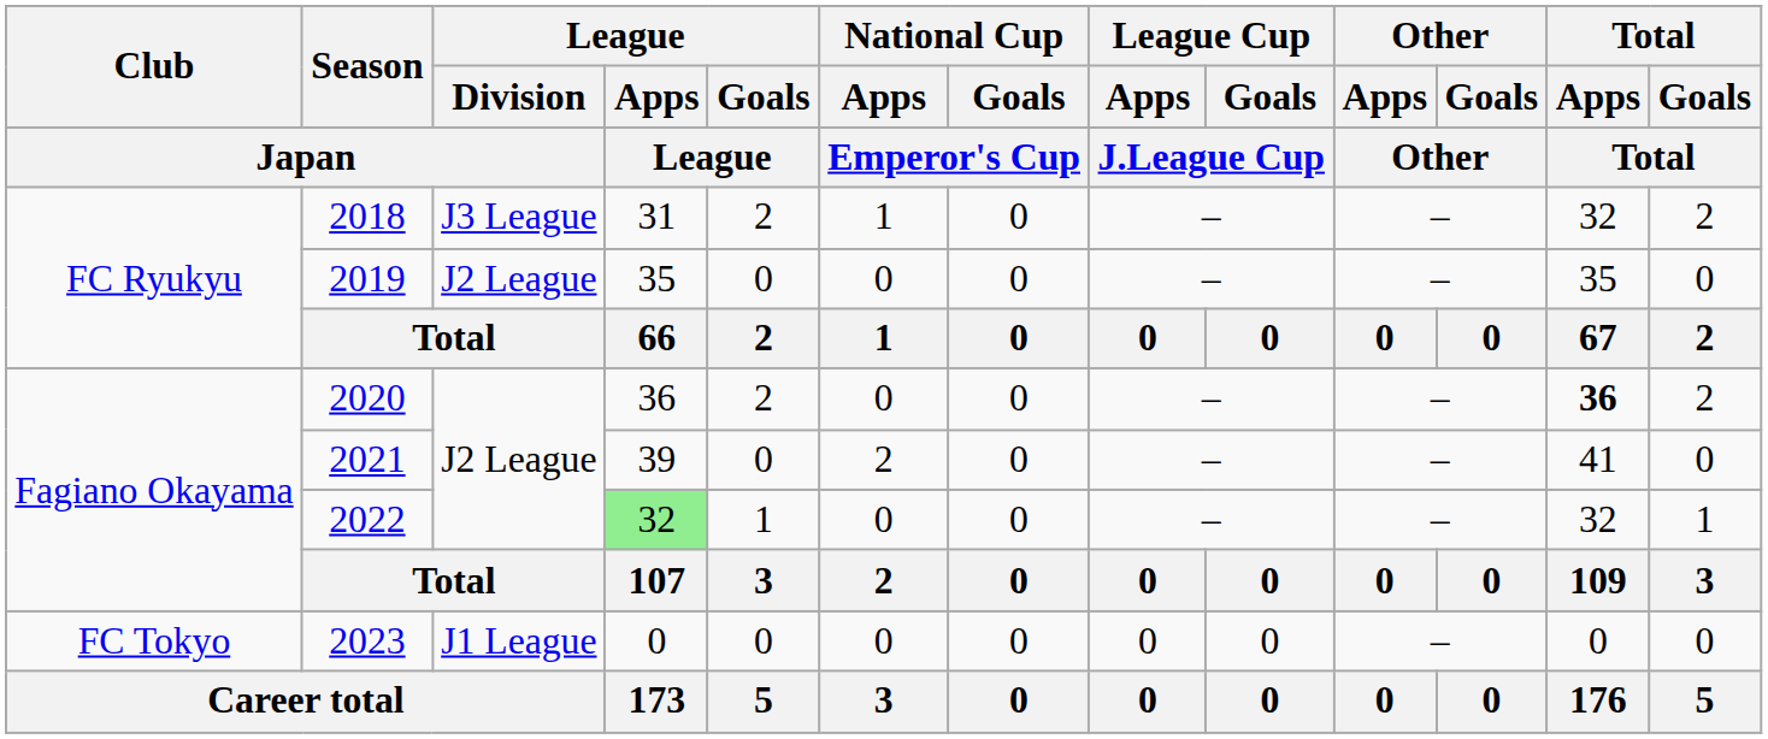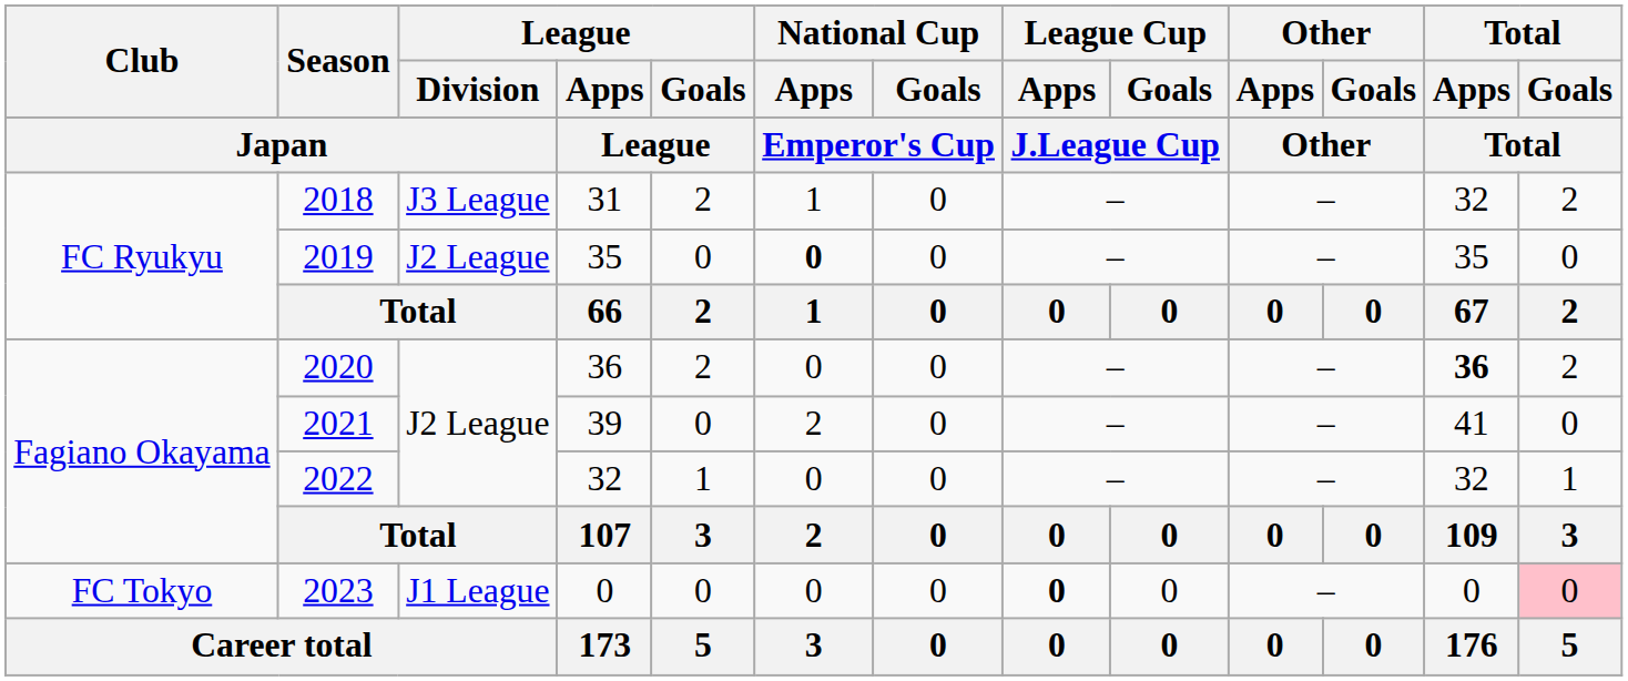 <table class="wikitable" style="text-align: center">
 <tr>
 <th rowspan="2">Club</th>
 <th rowspan="2">Season</th>
 <th colspan="3">League</th>
 <th colspan="2">National Cup</th>
 <th colspan="2">League Cup</th>
 <th colspan="2">Other</th>
 <th colspan="2">Total</th>
 </tr>
 <tr>
 <th>Division</th>
 <th>Apps</th>
 <th>Goals</th>
 <th>Apps</th>
 <th>Goals</th>
 <th>Apps</th>
 <th>Goals</th>
 <th>Apps</th>
 <th>Goals</th>
 <th>Apps</th>
 <th>Goals</th>
 </tr>
 <tr>
 <th colspan=3>Japan</th>
 <th colspan=2>League</th>
 <th colspan=2><a href='#'>Emperor's Cup</a></th>
 <th colspan=2><a href='#'>J.League Cup</a></th>
 <th colspan=2>Other</th>
 <th colspan=2>Total</th>
 </tr>
 <tr>
 <td rowspan="3"><a href='#'>FC Ryukyu</a></td>
 <td><a href='#'>2018</a></td>
 <td><a href='#'>J3 League</a></td>
 <td>31</td>
 <td>2</td>
 <td>1</td>
 <td>0</td>
 <td colspan="2">–</td>
 <td colspan="2">–</td>
 <td>32</td>
 <td>2</td>
 </tr>
 <tr>
 <td><a href='#'>2019</a></td>
 <td><a href='#'>J2 League</a></td>
 <td>35</td>
 <td>0</td>
-<td>0</td>
+<td><strong>0</strong></td>
 <td>0</td>
 <td colspan="2">–</td>
 <td colspan="2">–</td>
 <td>35</td>
 <td>0</td>
 </tr>
 <tr>
 <th colspan="2">Total</th>
 <th>66</th>
 <th>2</th>
 <th>1</th>
 <th>0</th>
 <th>0</th>
 <th>0</th>
 <th>0</th>
 <th>0</th>
 <th>67</th>
 <th>2</th>
 </tr>
 <tr>
 <td rowspan="4"><a href='#'>Fagiano Okayama</a></td>
 <td><a href='#'>2020</a></td>
 <td rowspan="3">J2 League</td>
 <td>36</td>
 <td>2</td>
 <td>0</td>
 <td>0</td>
 <td colspan="2">–</td>
 <td colspan="2">–</td>
 <td><strong>36</strong></td>
 <td>2</td>
 </tr>
 <tr>
 <td><a href='#'>2021</a></td>
 <td>39</td>
 <td>0</td>
 <td>2</td>
 <td>0</td>
 <td colspan="2">–</td>
 <td colspan="2">–</td>
 <td>41</td>
 <td>0</td>
 </tr>
 <tr>
 <td><a href='#'>2022</a></td>
-<td style="background: lightgreen;">32</td>
+<td>32</td>
 <td>1</td>
 <td>0</td>
 <td>0</td>
 <td colspan="2">–</td>
 <td colspan="2">–</td>
 <td>32</td>
 <td>1</td>
 </tr>
 <tr>
 <th colspan="2">Total</th>
 <th>107</th>
 <th>3</th>
 <th>2</th>
 <th>0</th>
 <th>0</th>
 <th>0</th>
 <th>0</th>
 <th>0</th>
 <th>109</th>
 <th>3</th>
 </tr>
 <tr>
 <td><a href='#'>FC Tokyo</a></td>
 <td><a href='#'>2023</a></td>
 <td><a href='#'>J1 League</a></td>
 <td>0</td>
 <td>0</td>
 <td>0</td>
 <td>0</td>
-<td>0</td>
+<td><strong>0</strong></td>
 <td>0</td>
 <td colspan="2">–</td>
 <td>0</td>
-<td>0</td>
+<td style="background: pink;">0</td>
 </tr>
 <tr>
 <th colspan=3>Career total</th>
 <th>173</th>
 <th>5</th>
 <th>3</th>
 <th>0</th>
 <th>0</th>
 <th>0</th>
 <th>0</th>
 <th>0</th>
 <th>176</th>
 <th>5</th>
 </tr>
 </table>
